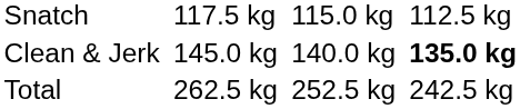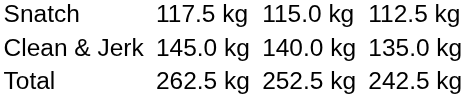 <table>
 <tr>
 <td>Snatch</td>
 <td></td>
 <td>117.5 kg</td>
 <td></td>
 <td>115.0 kg</td>
 <td></td>
 <td>112.5 kg</td>
 </tr>
 <tr>
 <td>Clean & Jerk</td>
 <td></td>
 <td>145.0 kg</td>
 <td></td>
 <td>140.0 kg</td>
 <td></td>
-<td><strong>135.0 kg</strong></td>
+<td>135.0 kg</td>
 </tr>
 <tr>
 <td>Total</td>
 <td></td>
 <td>262.5 kg</td>
 <td></td>
 <td>252.5 kg</td>
 <td></td>
 <td>242.5 kg</td>
 </tr>
 </table>
